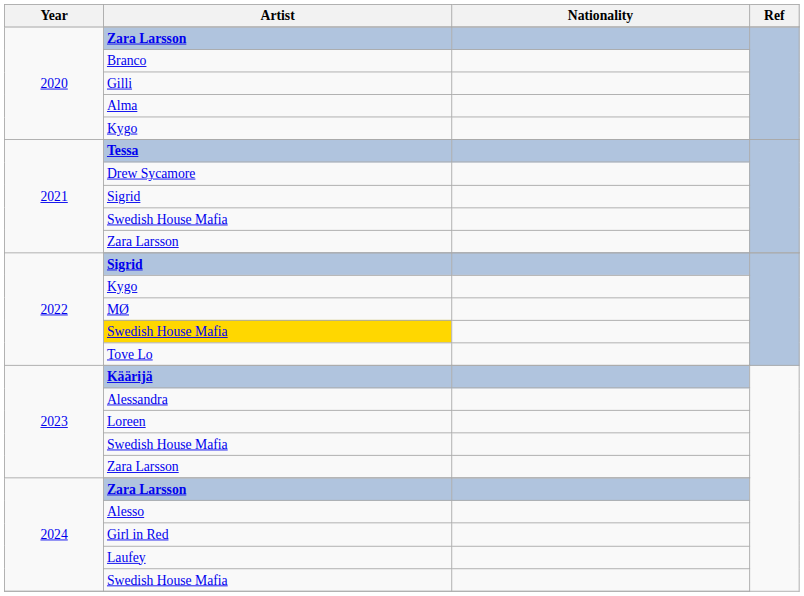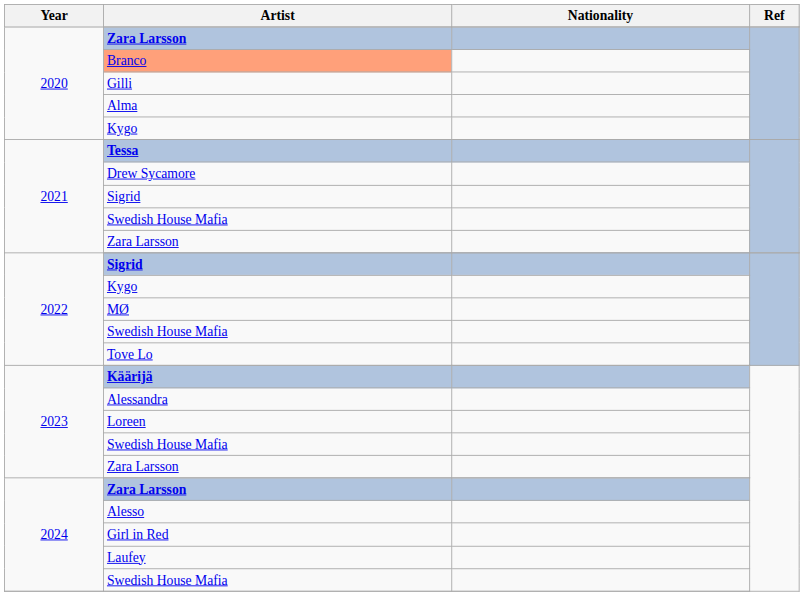 <table class="wikitable sortable plainrowheaders" style="font-size:95%; width:100%;">
 <tr style="background:#bebebe;">
 <th style="width:10%;">Year</th>
 <th style="width:35%;">Artist</th>
 <th style="width:30%;">Nationality</th>
 <th style="width:5%;">Ref</th>
 </tr>
 <tr>
 <td rowspan="6" align="center"><a href='#'>2020</a></td>
 </tr>
 <tr style="background:#B0C4DE">
 <td><strong><a href='#'>Zara Larsson</a></strong></td>
 <td><strong></strong></td>
 <td rowspan="5" align="center"></td>
 </tr>
 <tr>
-<td><a href='#'>Branco</a></td>
+<td style="background: lightsalmon;"><a href='#'>Branco</a></td>
 <td></td>
 </tr>
 <tr>
 <td><a href='#'>Gilli</a></td>
 <td></td>
 </tr>
 <tr>
 <td><a href='#'>Alma</a></td>
 <td></td>
 </tr>
 <tr>
 <td><a href='#'>Kygo</a></td>
 <td></td>
 </tr>
 <tr>
 <td rowspan="6" align="center"><a href='#'>2021</a></td>
 </tr>
 <tr style="background:#B0C4DE">
 <td><strong><a href='#'>Tessa</a></strong></td>
 <td><strong></strong></td>
 <td rowspan="5" align="center"></td>
 </tr>
 <tr>
 <td><a href='#'>Drew Sycamore</a></td>
 <td></td>
 </tr>
 <tr>
 <td><a href='#'>Sigrid</a></td>
 <td></td>
 </tr>
 <tr>
 <td><a href='#'>Swedish House Mafia</a></td>
 <td></td>
 </tr>
 <tr>
 <td><a href='#'>Zara Larsson</a></td>
 <td></td>
 </tr>
 <tr>
 <td rowspan="6" align="center"><a href='#'>2022</a></td>
 </tr>
 <tr style="background:#B0C4DE">
 <td><strong><a href='#'>Sigrid</a></strong></td>
 <td><strong></strong></td>
 <td rowspan="5" align="center"></td>
 </tr>
 <tr>
 <td><a href='#'>Kygo</a></td>
 <td></td>
 </tr>
 <tr>
 <td><a href='#'>MØ</a></td>
 <td></td>
 </tr>
 <tr>
-<td style="background: gold;"><a href='#'>Swedish House Mafia</a></td>
+<td><a href='#'>Swedish House Mafia</a></td>
 <td></td>
 </tr>
 <tr>
 <td><a href='#'>Tove Lo</a></td>
 <td></td>
 </tr>
 <tr>
 <td rowspan="6" align="center"><a href='#'>2023</a></td>
 </tr>
 <tr style="background:#B0C4DE">
 <td><strong><a href='#'>Käärijä</a></strong></td>
 <td></td>
 </tr>
 <tr>
 <td><a href='#'>Alessandra</a></td>
 <td></td>
 </tr>
 <tr>
 <td><a href='#'>Loreen</a></td>
 <td></td>
 </tr>
 <tr>
 <td><a href='#'>Swedish House Mafia</a></td>
 <td></td>
 </tr>
 <tr>
 <td><a href='#'>Zara Larsson</a></td>
 <td></td>
 </tr>
 <tr>
 <td rowspan="6" align="center"><a href='#'>2024</a></td>
 </tr>
 <tr style="background:#B0C4DE"- style="background:#B0C4DE">
 <td><strong><a href='#'>Zara Larsson</a></strong></td>
 <td></td>
 </tr>
 <tr>
 <td><a href='#'>Alesso</a></td>
 <td></td>
 </tr>
 <tr>
 <td><a href='#'>Girl in Red</a></td>
 <td></td>
 </tr>
 <tr>
 <td><a href='#'>Laufey</a></td>
 <td></td>
 </tr>
 <tr>
 <td><a href='#'>Swedish House Mafia</a></td>
 <td></td>
 </tr>
 <tr>
 </tr>
 </table>
